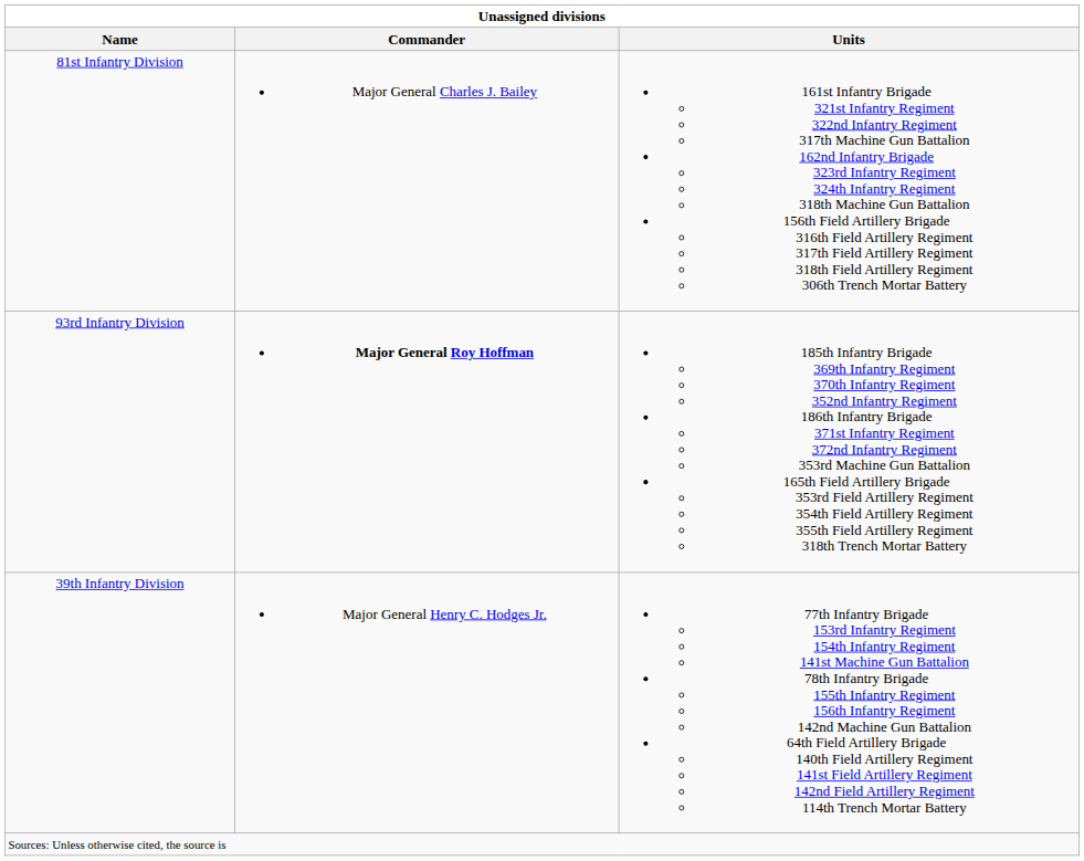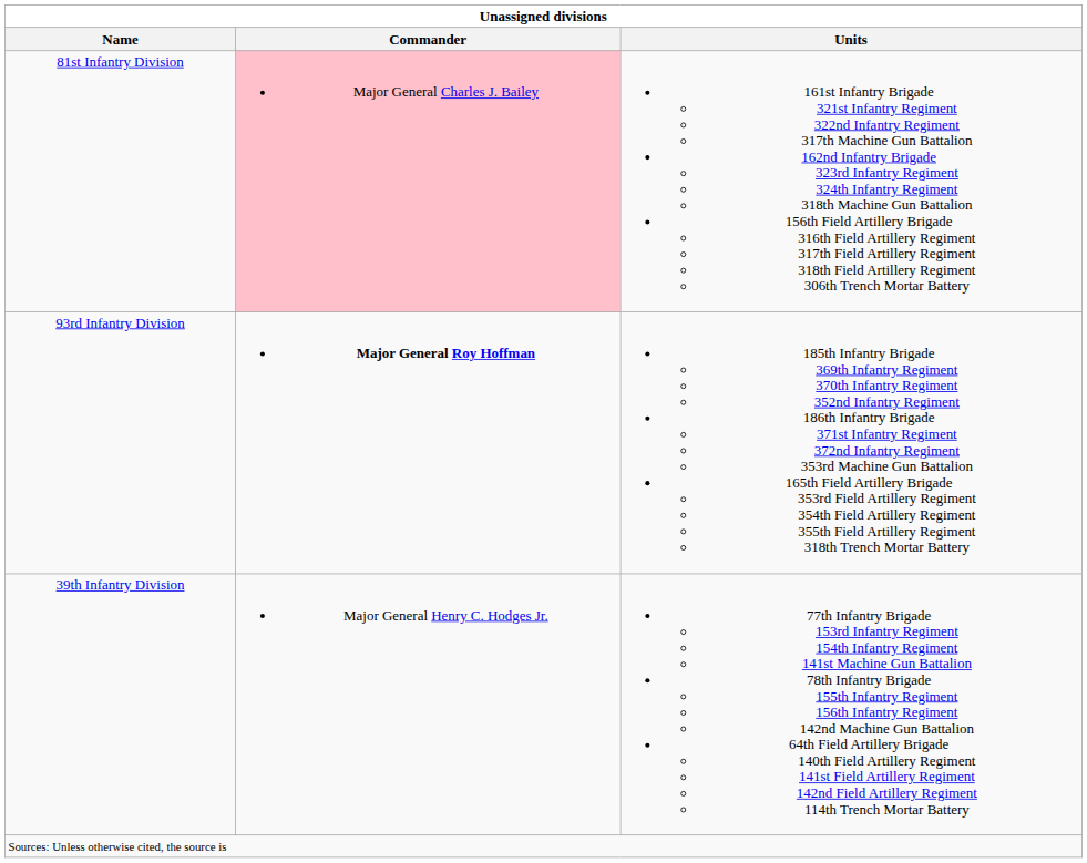 <table class="wikitable" style="width:95%;">
 <tr valign="top">
 <th colspan="11" style="background:white;">Unassigned divisions</th>
 </tr>
 <tr valign="top"|- valign="top">
 <th style="width:15%; text-align:center;">Name</th>
 <th style="width:25%; text-align:center;">Commander</th>
 <th style="width:30%; text-align:center;">Units</th>
 </tr>
 <tr valign="top">
 <td align=center><a href='#'>81st Infantry Division</a></td>
-<td align=center><br><ul><li>Major General <a href='#'>Charles J. Bailey</a></li></ul></td>
+<td align=center style="background: pink;"><br><ul><li>Major General <a href='#'>Charles J. Bailey</a></li></ul></td>
 <td align=center><br><ul><li>161st Infantry Brigade<ul><li><a href='#'>321st Infantry Regiment</a></li><li><a href='#'>322nd Infantry Regiment</a></li><li>317th Machine Gun Battalion</li></ul></li><li><a href='#'>162nd Infantry Brigade</a><ul><li><a href='#'>323rd Infantry Regiment</a></li><li><a href='#'>324th Infantry Regiment</a></li><li>318th Machine Gun Battalion</li></ul></li><li>156th Field Artillery Brigade<ul><li>316th Field Artillery Regiment</li><li>317th Field Artillery Regiment</li><li>318th Field Artillery Regiment</li><li>306th Trench Mortar Battery</li></ul></li></ul></td>
 </tr>
 <tr valign="top">
 <td align=center><a href='#'>93rd Infantry Division</a></td>
 <td align=center><strong><br><ul><li>Major General <a href='#'>Roy Hoffman</a></li></ul></strong></td>
 <td align=center><br><ul><li>185th Infantry Brigade<ul><li><a href='#'>369th Infantry Regiment</a></li><li><a href='#'>370th Infantry Regiment</a></li><li><a href='#'>352nd Infantry Regiment</a></li></ul></li><li>186th Infantry Brigade<ul><li><a href='#'>371st Infantry Regiment</a></li><li><a href='#'>372nd Infantry Regiment</a></li><li>353rd Machine Gun Battalion</li></ul></li><li>165th Field Artillery Brigade<ul><li>353rd Field Artillery Regiment</li><li>354th Field Artillery Regiment</li><li>355th Field Artillery Regiment</li><li>318th Trench Mortar Battery</li></ul></li></ul></td>
 </tr>
 <tr valign="top">
 <td align=center><a href='#'>39th Infantry Division</a></td>
 <td align=center><br><ul><li>Major General <a href='#'>Henry C. Hodges Jr.</a></li></ul></td>
 <td align=center><br><ul><li>77th Infantry Brigade<ul><li><a href='#'>153rd Infantry Regiment</a></li><li><a href='#'>154th Infantry Regiment</a></li><li><a href='#'>141st Machine Gun Battalion</a></li></ul></li><li>78th Infantry Brigade<ul><li><a href='#'>155th Infantry Regiment</a></li><li><a href='#'>156th Infantry Regiment</a></li><li>142nd Machine Gun Battalion</li></ul></li><li>64th Field Artillery Brigade<ul><li>140th Field Artillery Regiment</li><li><a href='#'>141st Field Artillery Regiment</a></li><li><a href='#'>142nd Field Artillery Regiment</a></li><li>114th Trench Mortar Battery</li></ul></li></ul></td>
 </tr>
 <tr valign="top">
 <td colspan="9" style="text-align:left;"><small>Sources: Unless otherwise cited, the source is </small></td>
 </tr>
 </table>
